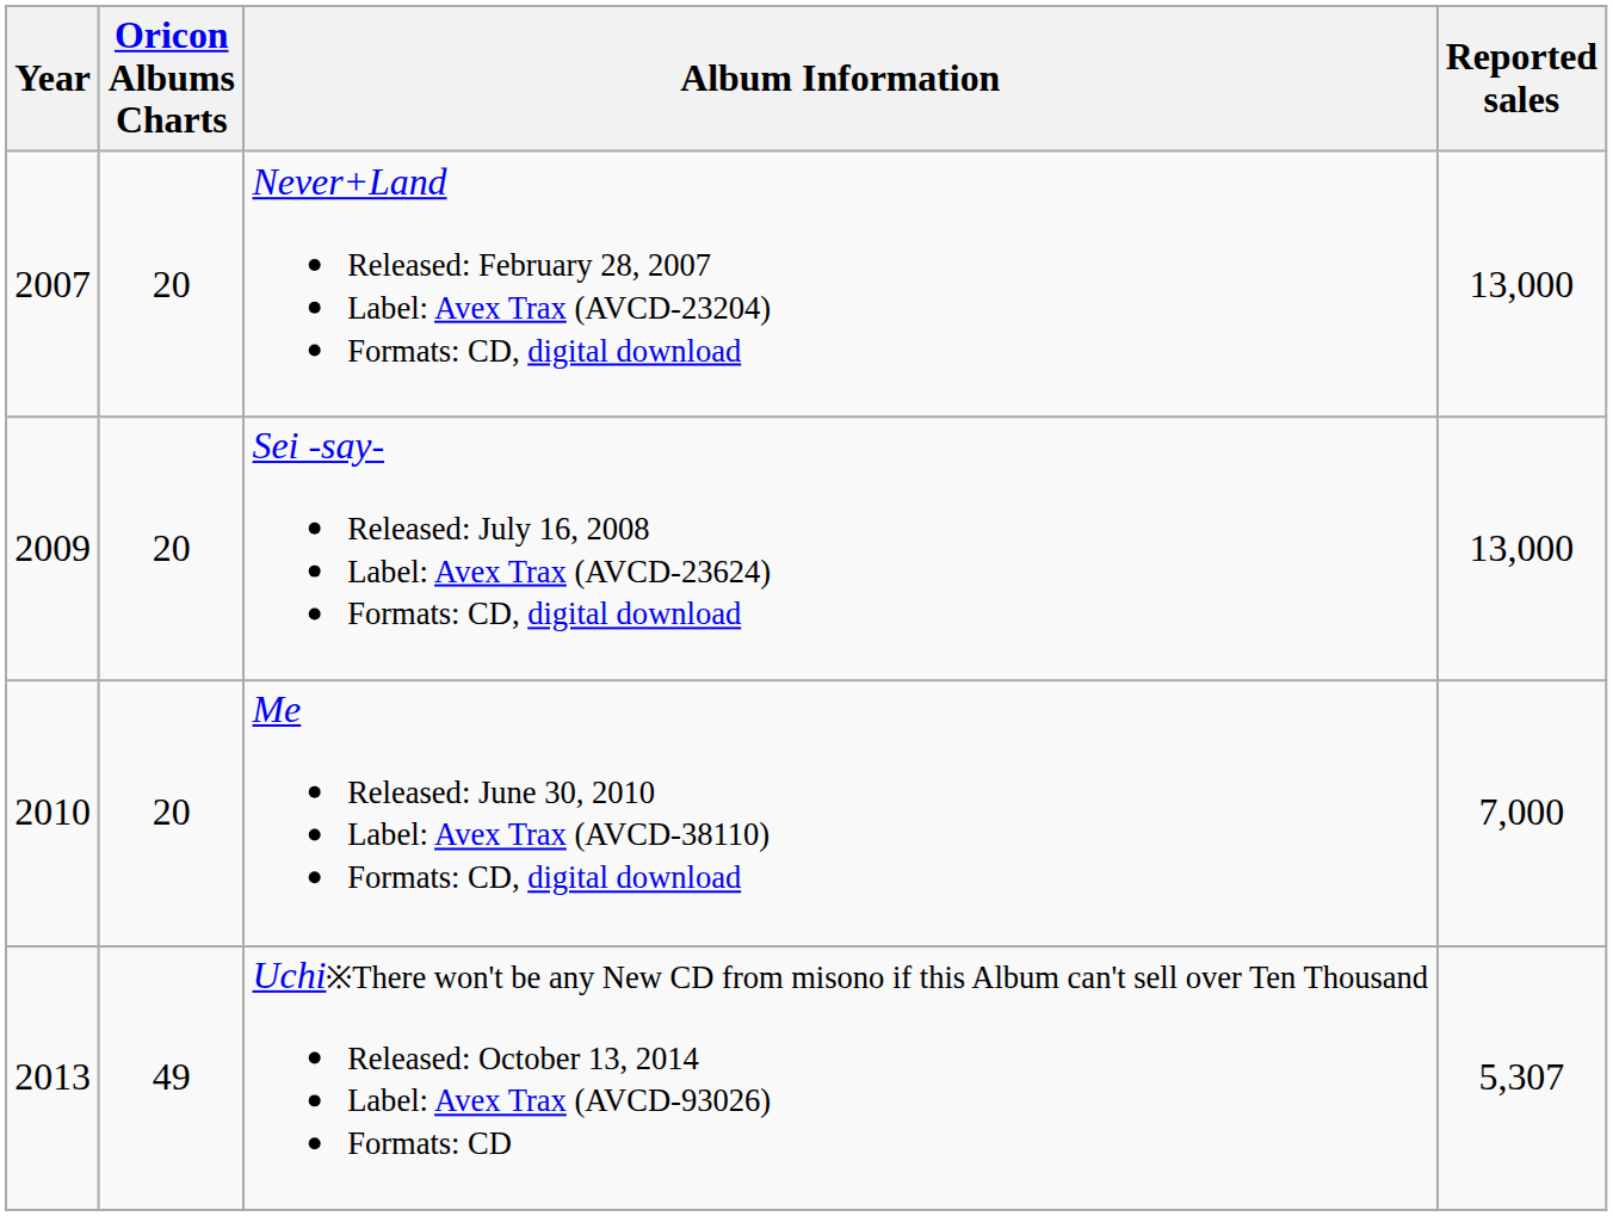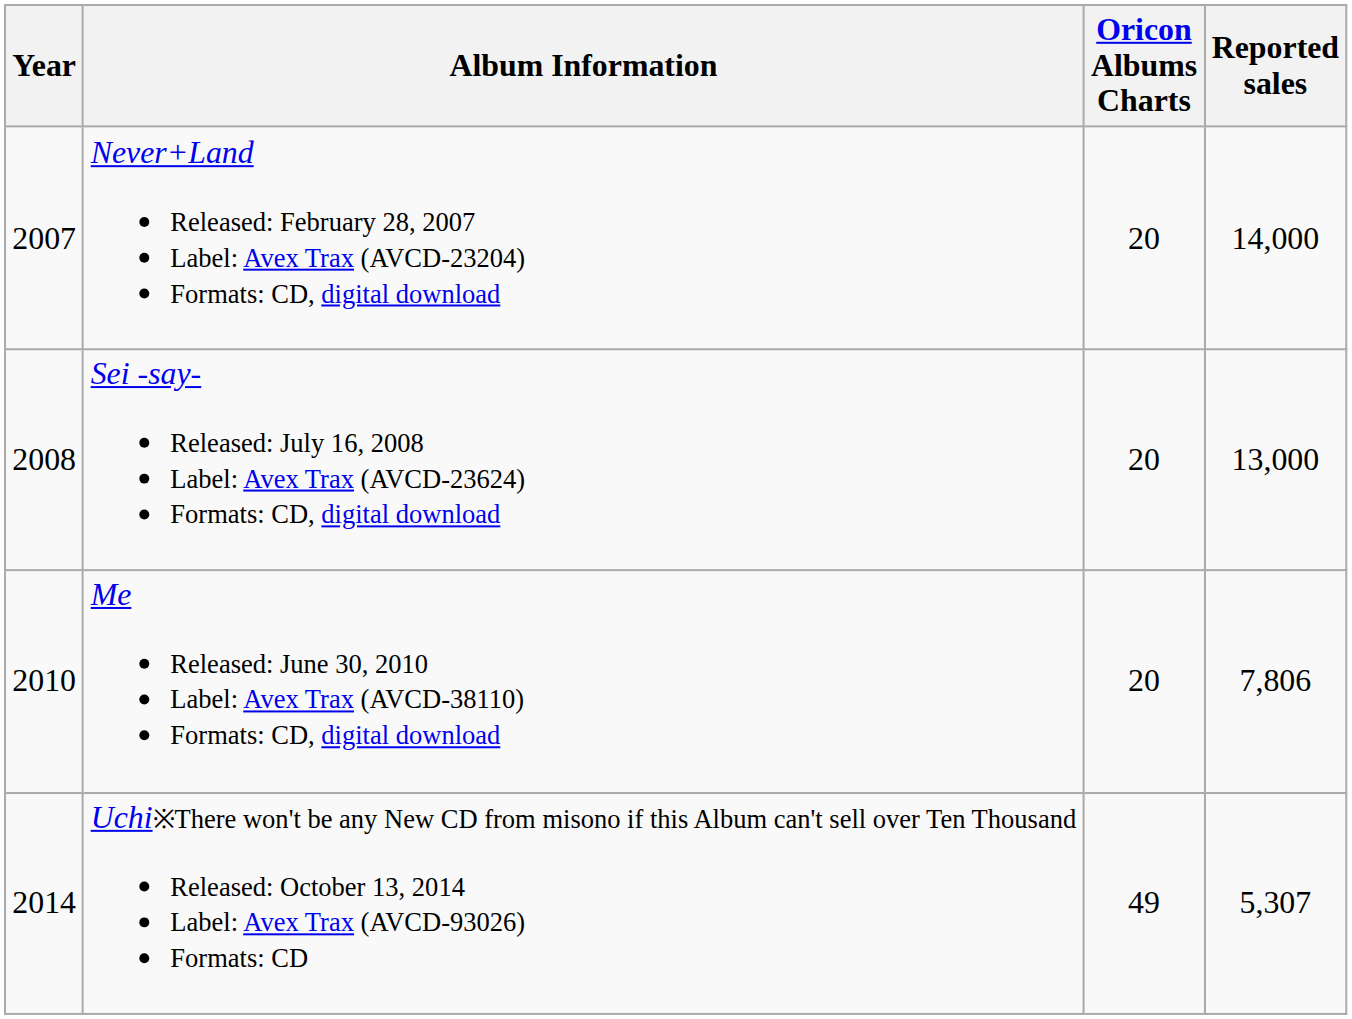 <table class="wikitable">
 <tr>
 <th rowspan="1">Year</th>
+<th rowspan="1">Album Information</th>
 <th colspan="1"><a href='#'>Oricon</a><br>Albums<br>Charts<br></th>
-<th rowspan="1">Album Information</th>
 <th colspan="1">Reported<br>sales<br></th>
 </tr>
 <tr>
 <td align="center">2007</td>
+<td><em><a href='#'>Never+Land</a></em><br><ul><li><small>Released: February 28, 2007</small></li><li><small>Label: <a href='#'>Avex Trax</a> (AVCD-23204)</small></li><li><small>Formats: CD, <a href='#'>digital download</a></small></li></ul></td>
 <td align="center">20</td>
-<td><em><a href='#'>Never+Land</a></em><br><ul><li><small>Released: February 28, 2007</small></li><li><small>Label: <a href='#'>Avex Trax</a> (AVCD-23204)</small></li><li><small>Formats: CD, <a href='#'>digital download</a></small></li></ul></td>
-<td align="center">13,000</td>
+<td align="center">14,000</td>
 </tr>
 <tr>
-<td align="center">2009</td>
+<td align="center">2008</td>
+<td><em><a href='#'>Sei -say-</a></em><br><ul><li><small>Released: July 16, 2008</small></li><li><small>Label: <a href='#'>Avex Trax</a> (AVCD-23624)</small></li><li><small>Formats: CD, <a href='#'>digital download</a></small></li></ul></td>
 <td align="center">20</td>
-<td><em><a href='#'>Sei -say-</a></em><br><ul><li><small>Released: July 16, 2008</small></li><li><small>Label: <a href='#'>Avex Trax</a> (AVCD-23624)</small></li><li><small>Formats: CD, <a href='#'>digital download</a></small></li></ul></td>
 <td align="center">13,000</td>
 </tr>
 <tr>
 <td align="center">2010</td>
+<td><em><a href='#'>Me</a></em><br><ul><li><small>Released: June 30, 2010</small></li><li><small>Label: <a href='#'>Avex Trax</a> (AVCD-38110)</small></li><li><small>Formats: CD, <a href='#'>digital download</a></small></li></ul></td>
 <td align="center">20</td>
-<td><em><a href='#'>Me</a></em><br><ul><li><small>Released: June 30, 2010</small></li><li><small>Label: <a href='#'>Avex Trax</a> (AVCD-38110)</small></li><li><small>Formats: CD, <a href='#'>digital download</a></small></li></ul></td>
-<td align="center">7,000</td>
+<td align="center">7,806</td>
 </tr>
 <tr>
-<td align="center">2013</td>
+<td align="center">2014</td>
+<td><em><a href='#'>Uchi</a></em><small>※There won't be any New CD from misono if this Album can't sell over Ten Thousand</small><br><ul><li><small>Released: October 13, 2014</small></li><li><small>Label: <a href='#'>Avex Trax</a> (AVCD-93026)</small></li><li><small>Formats: CD</small></li></ul></td>
 <td align="center">49</td>
-<td><em><a href='#'>Uchi</a></em><small>※There won't be any New CD from misono if this Album can't sell over Ten Thousand</small><br><ul><li><small>Released: October 13, 2014</small></li><li><small>Label: <a href='#'>Avex Trax</a> (AVCD-93026)</small></li><li><small>Formats: CD</small></li></ul></td>
 <td align="center">5,307</td>
 </tr>
 </table>
